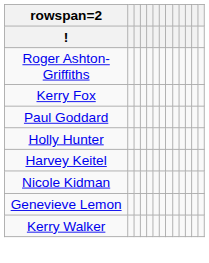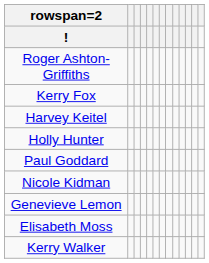 <table class="wikitable" style="text-align:center;font-size:95%;vertical-align:bottom;">
 <tr>
 <th>rowspan=2 </th>
 <th></th>
 <th></th>
 <th></th>
 <th></th>
 <th></th>
 <th></th>
 <th></th>
 <th></th>
 <th></th>
 <th></th>
 <th></th>
 <th></th>
 </tr>
 <tr>
 <th>! </th>
 <th></th>
 <th></th>
 <th></th>
 <th></th>
 <th></th>
 <th></th>
 <th></th>
 <th></th>
 <th></th>
 <th></th>
 <th></th>
 </tr>
 <tr>
 <td style="width:130px;"><a href='#'>Roger Ashton-Griffiths</a></td>
 <td></td>
 <td></td>
 <td></td>
 <td></td>
 <td></td>
 <td></td>
 <td></td>
 <td></td>
 <td></td>
 <td></td>
 <td></td>
 <td></td>
 </tr>
 <tr>
 <td style="width:130px;"><a href='#'>Kerry Fox</a></td>
 <td></td>
 <td></td>
 <td></td>
 <td></td>
 <td></td>
 <td></td>
 <td></td>
 <td></td>
 <td></td>
 <td></td>
 <td></td>
 <td></td>
 </tr>
 <tr>
-<td style="width:130px;"><a href='#'>Paul Goddard</a></td>
+<td style="width:130px;"><a href='#'>Harvey Keitel</a></td>
 <td></td>
 <td></td>
 <td></td>
 <td></td>
 <td></td>
 <td></td>
 <td></td>
 <td></td>
 <td></td>
 <td></td>
 <td></td>
 <td></td>
 </tr>
 <tr>
 <td style="width:130px;"><a href='#'>Holly Hunter</a></td>
 <td></td>
 <td></td>
 <td></td>
 <td></td>
 <td></td>
 <td></td>
 <td></td>
 <td></td>
 <td></td>
 <td></td>
 <td></td>
 <td></td>
 </tr>
 <tr>
-<td style="width:130px;"><a href='#'>Harvey Keitel</a></td>
+<td style="width:130px;"><a href='#'>Paul Goddard</a></td>
 <td></td>
 <td></td>
 <td></td>
 <td></td>
 <td></td>
 <td></td>
 <td></td>
 <td></td>
 <td></td>
 <td></td>
 <td></td>
 <td></td>
 </tr>
 <tr>
 <td style="width:130px;"><a href='#'>Nicole Kidman</a></td>
 <td></td>
 <td></td>
 <td></td>
 <td></td>
 <td></td>
 <td></td>
 <td></td>
 <td></td>
 <td></td>
 <td></td>
 <td></td>
 <td></td>
 </tr>
 <tr>
 <td style="width:130px;"><a href='#'>Genevieve Lemon</a></td>
 <td></td>
 <td></td>
 <td></td>
 <td></td>
 <td></td>
 <td></td>
 <td></td>
 <td></td>
 <td></td>
 <td></td>
 <td></td>
 <td></td>
 </tr>
 <tr>
+<td style="width:130px;"><a href='#'>Elisabeth Moss</a></td>
+<td></td>
+<td></td>
+<td></td>
+<td></td>
+<td></td>
+<td></td>
+<td></td>
+<td></td>
+<td></td>
+<td></td>
+<td></td>
+<td></td>
+</tr>
+<tr>
 <td style="width:130px;"><a href='#'>Kerry Walker</a></td>
 <td></td>
 <td></td>
 <td></td>
 <td></td>
 <td></td>
 <td></td>
 <td></td>
 <td></td>
 <td></td>
 <td></td>
 <td></td>
 <td></td>
 </tr>
 </table>
